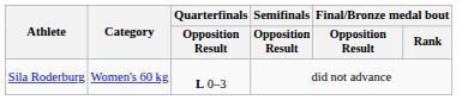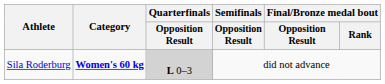 <table class="wikitable" style="text-align:center; font-size:90%">
 <tr>
 <th rowspan=2>Athlete</th>
 <th rowspan=2>Category</th>
 <th>Quarterfinals</th>
 <th>Semifinals</th>
 <th colspan=2>Final/Bronze medal bout</th>
 </tr>
 <tr style="font-size:95%">
 <th>Opposition<br>Result</th>
 <th>Opposition<br>Result</th>
 <th>Opposition<br>Result</th>
 <th>Rank</th>
 </tr>
 <tr>
 <td align=left><a href='#'>Sila Roderburg</a></td>
-<td align=left><a href='#'>Women's 60 kg</a></td>
-<td><br> <strong>L</strong> 0–3</td>
+<td align=left><strong><a href='#'>Women's 60 kg</a></strong></td>
+<td style="background: lightgrey;"><br> <strong>L</strong> 0–3</td>
 <td colspan=3>did not advance</td>
 </tr>
 </table>
